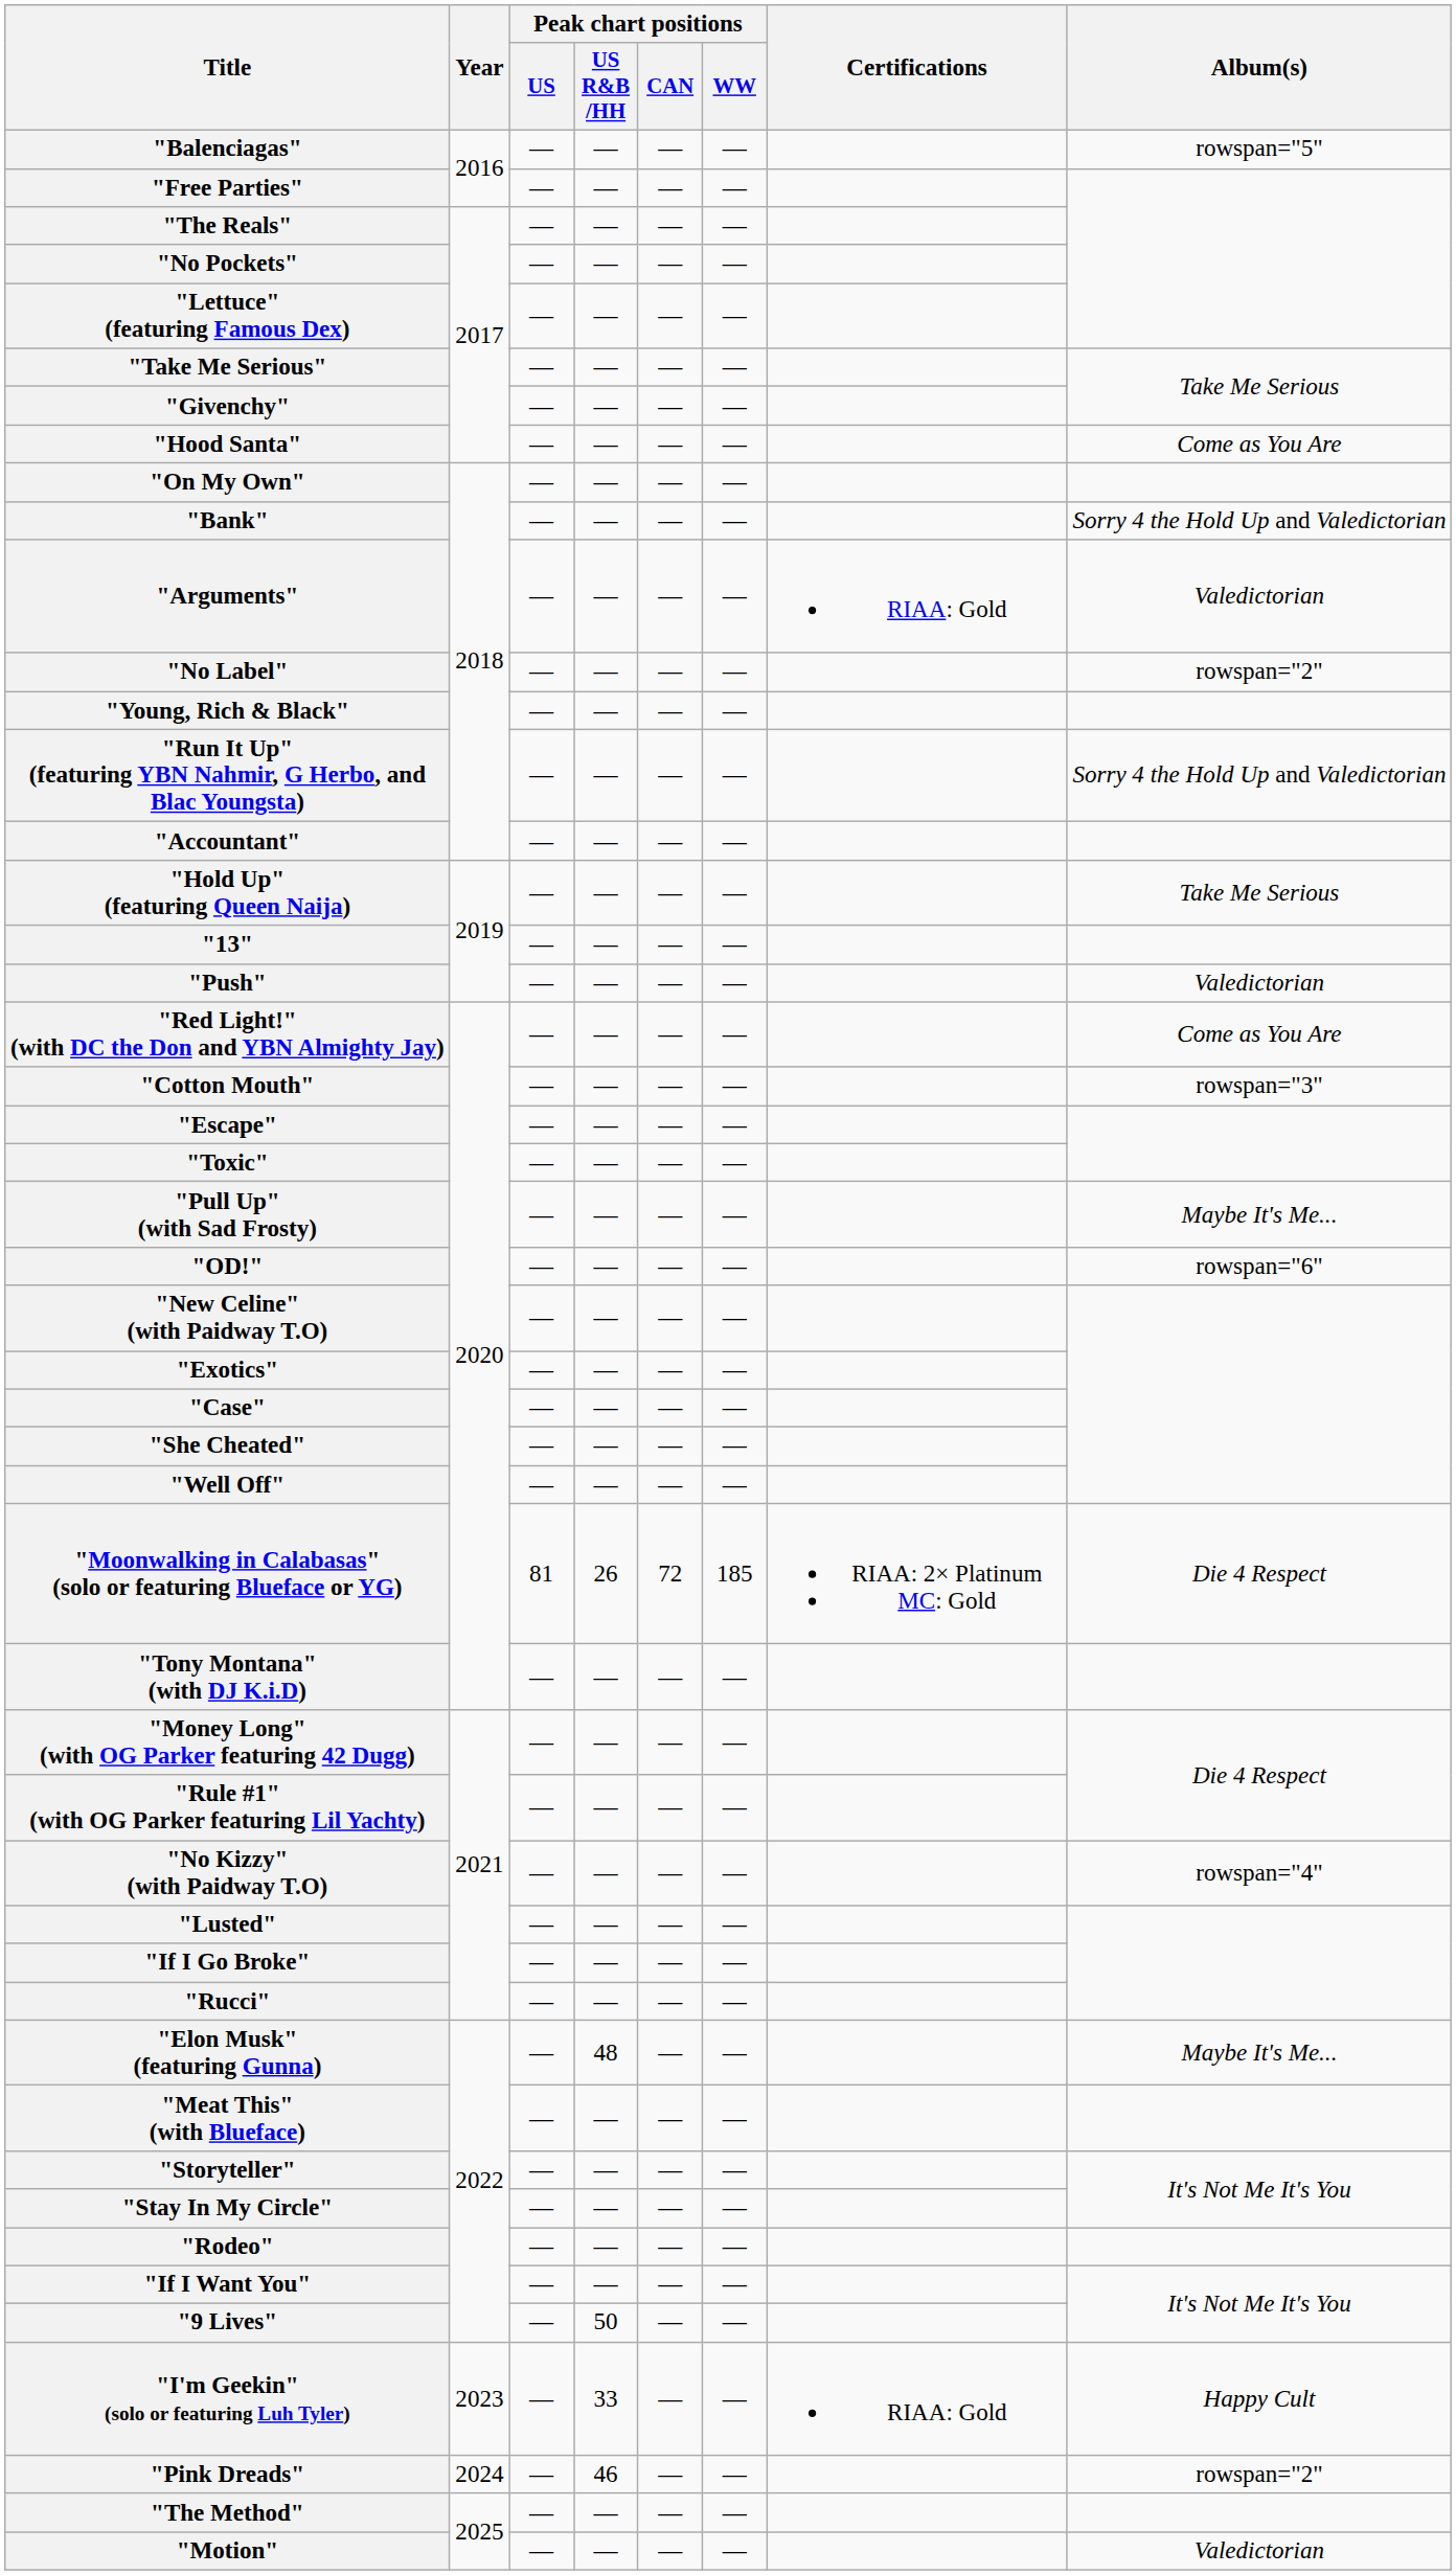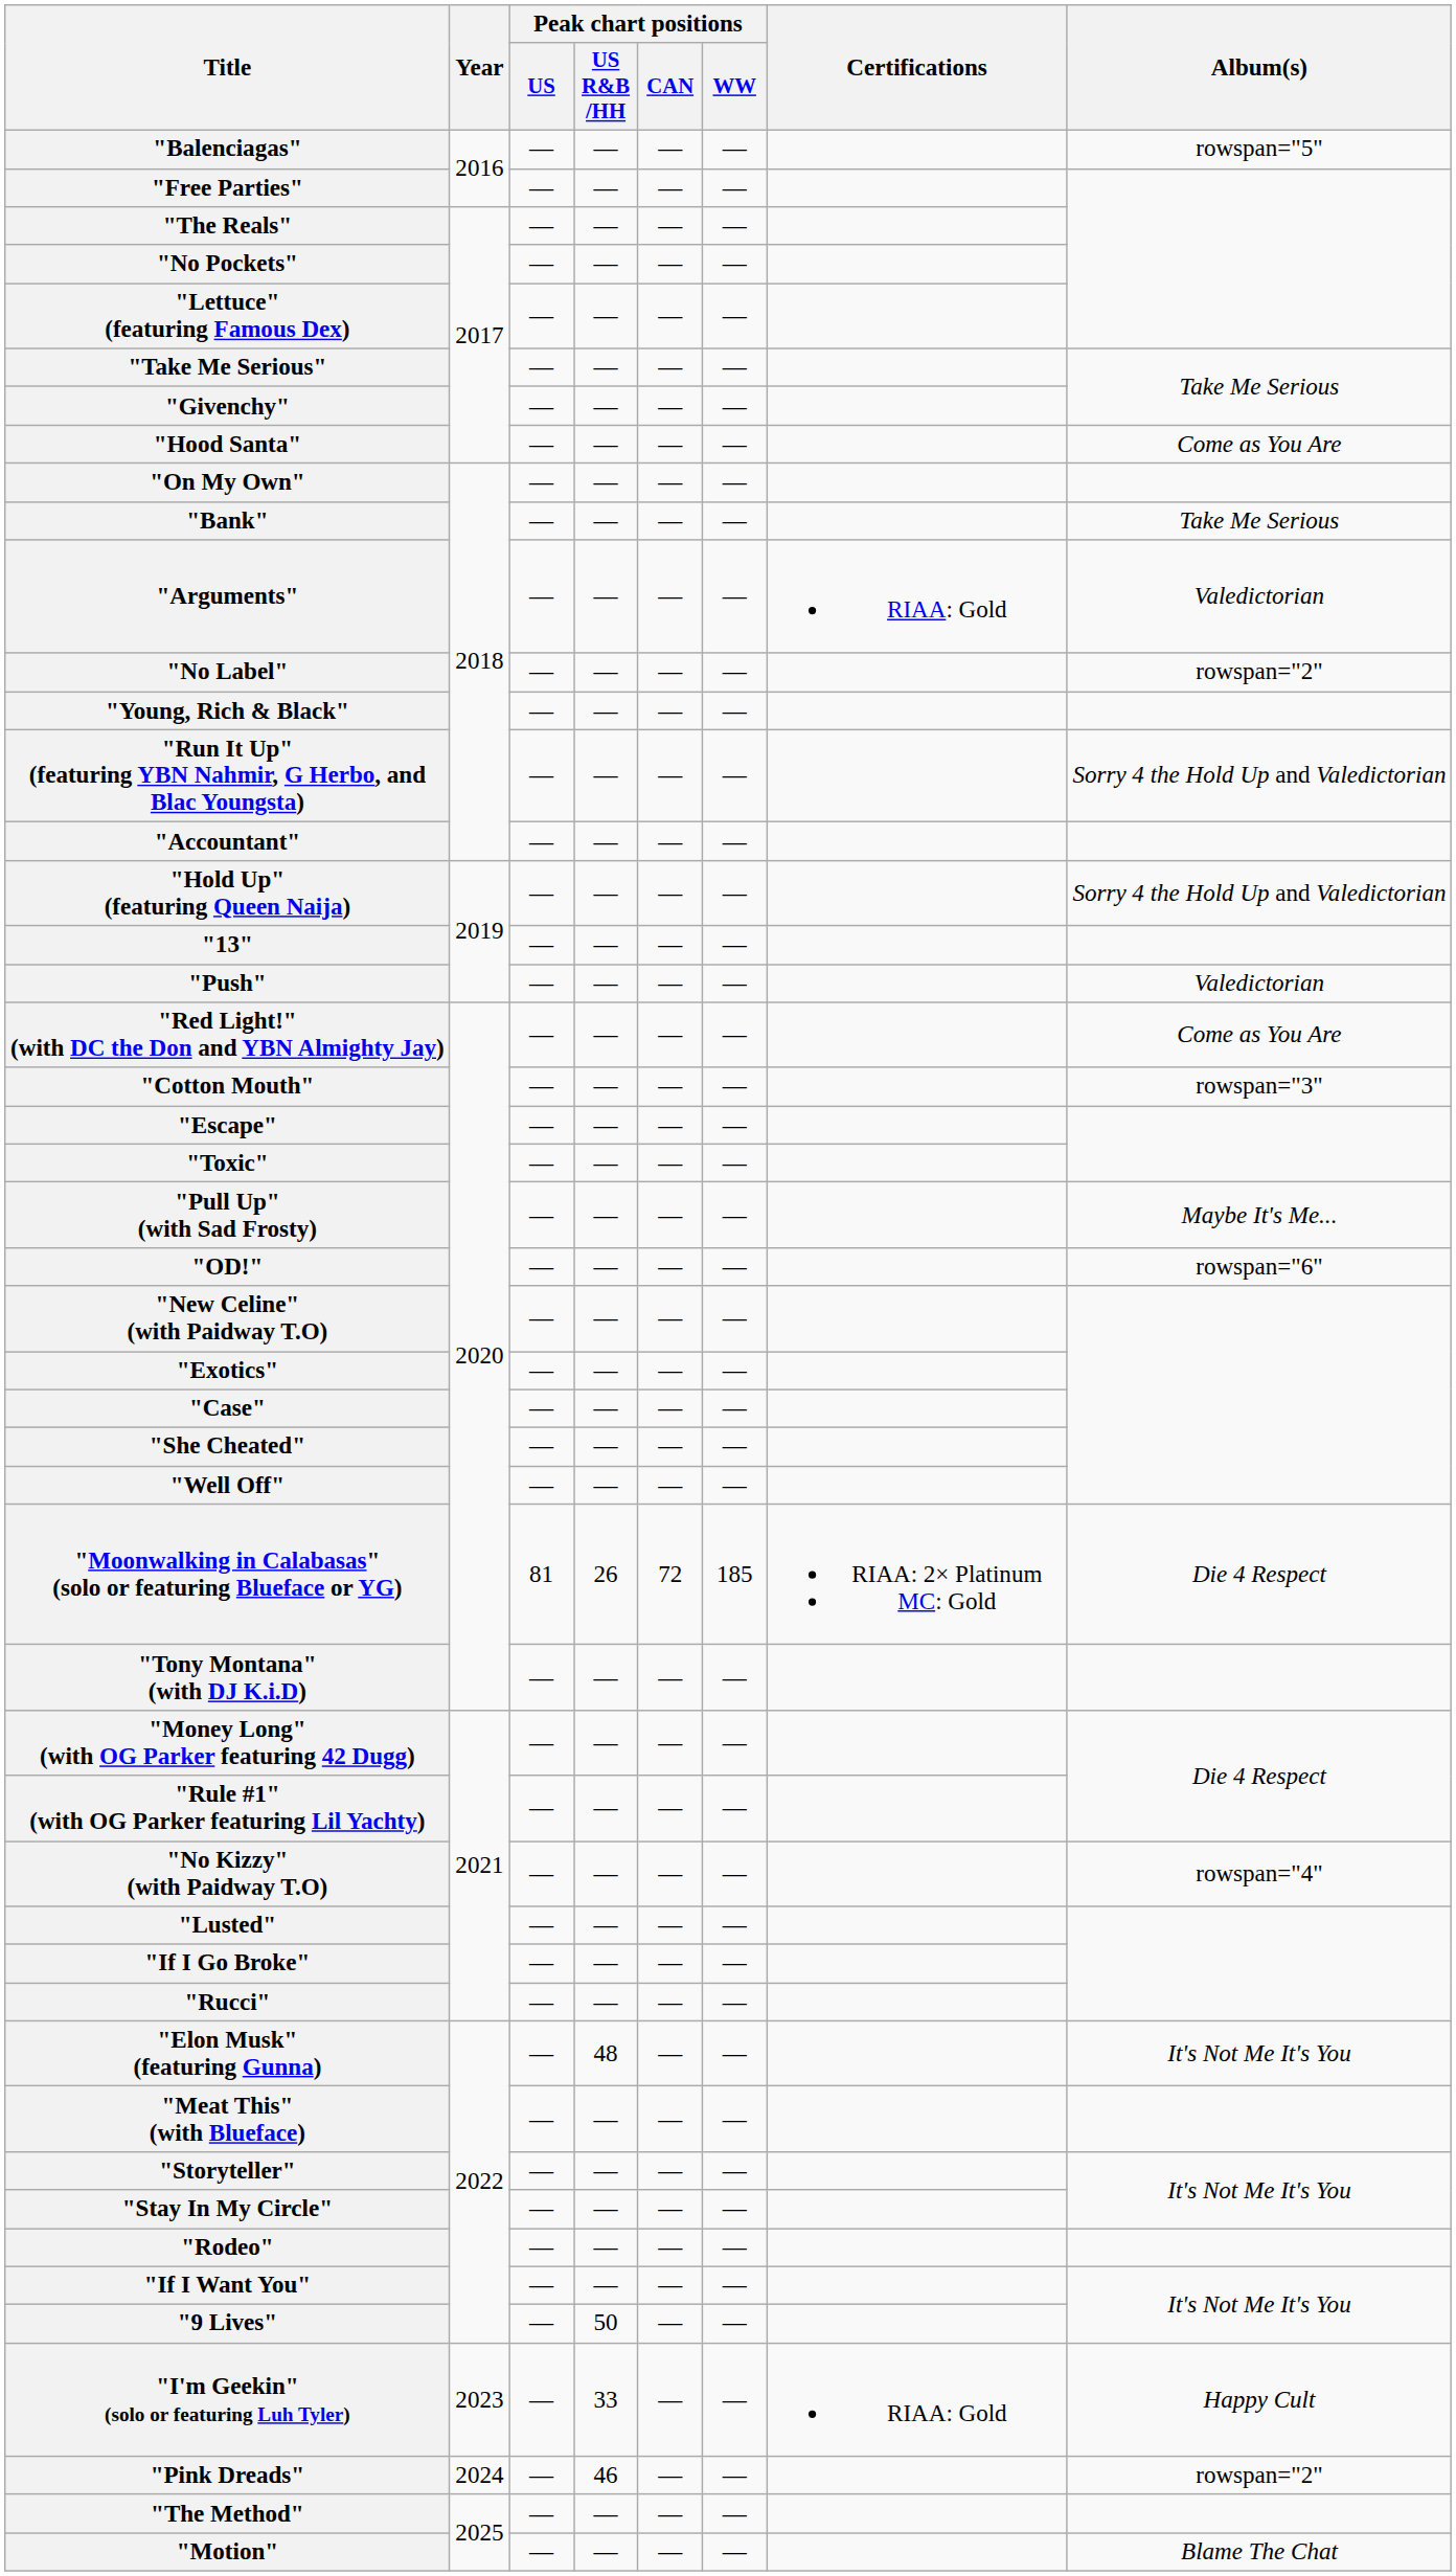 <table class="wikitable plainrowheaders" style="text-align:center;">
 <tr>
 <th scope="col" rowspan="2" style="width:18em;">Title</th>
 <th scope="col" rowspan="2" style="width:1em;">Year</th>
 <th scope="col" colspan="4">Peak chart positions</th>
 <th scope="col" rowspan="2" style="width:12em;">Certifications</th>
 <th scope="col" rowspan="2">Album(s)</th>
 </tr>
 <tr>
 <th scope="col" style="width:2.5em;font-size:90%;"><a href='#'>US</a><br></th>
 <th scope="col" style="width:2.5em;font-size:90%;"><a href='#'>US R&B /HH</a><br></th>
 <th scope="col" style="width:2.5em;font-size:90%;"><a href='#'>CAN</a><br></th>
 <th scope="col" style="width:2.5em;font-size:90%;"><a href='#'>WW</a><br></th>
 </tr>
 <tr>
 <th scope="row">"Balenciagas"</th>
 <td rowspan="2">2016</td>
 <td>—</td>
 <td>—</td>
 <td>—</td>
 <td>—</td>
 <td></td>
 <td>rowspan="5" </td>
 </tr>
 <tr>
 <th scope="row">"Free Parties"</th>
 <td>—</td>
 <td>—</td>
 <td>—</td>
 <td>—</td>
 <td></td>
 </tr>
 <tr>
 <th scope="row">"The Reals"</th>
 <td rowspan="6">2017</td>
 <td>—</td>
 <td>—</td>
 <td>—</td>
 <td>—</td>
 <td></td>
 </tr>
 <tr>
 <th scope="row">"No Pockets"</th>
 <td>—</td>
 <td>—</td>
 <td>—</td>
 <td>—</td>
 <td></td>
 </tr>
 <tr>
 <th scope="row">"Lettuce"<br><span>(featuring <a href='#'>Famous Dex</a>)</span></th>
 <td>—</td>
 <td>—</td>
 <td>—</td>
 <td>—</td>
 <td></td>
 </tr>
 <tr>
 <th scope="row">"Take Me Serious"</th>
 <td>—</td>
 <td>—</td>
 <td>—</td>
 <td>—</td>
 <td></td>
 <td rowspan="2"><em>Take Me Serious</em></td>
 </tr>
 <tr>
 <th scope="row">"Givenchy"</th>
 <td>—</td>
 <td>—</td>
 <td>—</td>
 <td>—</td>
 <td></td>
 </tr>
 <tr>
 <th scope="row">"Hood Santa"</th>
 <td>—</td>
 <td>—</td>
 <td>—</td>
 <td>—</td>
 <td></td>
 <td><em>Come as You Are</em></td>
 </tr>
 <tr>
 <th scope="row">"On My Own"</th>
 <td rowspan="7">2018</td>
 <td>—</td>
 <td>—</td>
 <td>—</td>
 <td>—</td>
 <td></td>
 </tr>
 <tr>
 <th scope="row">"Bank"</th>
 <td>—</td>
 <td>—</td>
 <td>—</td>
 <td>—</td>
 <td></td>
-<td><em>Sorry 4 the Hold Up</em> and <em>Valedictorian</em></td>
+<td><em>Take Me Serious</em></td>
 </tr>
 <tr>
 <th scope="row">"Arguments"</th>
 <td>—</td>
 <td>—</td>
 <td>—</td>
 <td>—</td>
 <td><br><ul><li><a href='#'>RIAA</a>: Gold</li></ul></td>
 <td><em>Valedictorian</em></td>
 </tr>
 <tr>
 <th scope="row">"No Label"</th>
 <td>—</td>
 <td>—</td>
 <td>—</td>
 <td>—</td>
 <td></td>
 <td>rowspan="2" </td>
 </tr>
 <tr>
 <th scope="row">"Young, Rich & Black"</th>
 <td>—</td>
 <td>—</td>
 <td>—</td>
 <td>—</td>
 <td></td>
 </tr>
 <tr>
 <th scope="row">"Run It Up"<br><span>(featuring <a href='#'>YBN Nahmir</a>, <a href='#'>G Herbo</a>, and <a href='#'>Blac Youngsta</a>)</span></th>
 <td>—</td>
 <td>—</td>
 <td>—</td>
 <td>—</td>
 <td></td>
 <td><em>Sorry 4 the Hold Up</em> and <em>Valedictorian</em></td>
 </tr>
 <tr>
 <th scope="row">"Accountant"</th>
 <td>—</td>
 <td>—</td>
 <td>—</td>
 <td>—</td>
 <td></td>
 <td></td>
 </tr>
 <tr>
 <th scope="row">"Hold Up"<br><span>(featuring <a href='#'>Queen Naija</a>)</span></th>
 <td rowspan="3">2019</td>
 <td>—</td>
 <td>—</td>
 <td>—</td>
 <td>—</td>
 <td></td>
-<td><em>Take Me Serious</em></td>
+<td><em>Sorry 4 the Hold Up</em> and <em>Valedictorian</em></td>
 </tr>
 <tr>
 <th scope="row">"13"</th>
 <td>—</td>
 <td>—</td>
 <td>—</td>
 <td>—</td>
 <td></td>
 <td></td>
 </tr>
 <tr>
 <th scope="row">"Push"</th>
 <td>—</td>
 <td>—</td>
 <td>—</td>
 <td>—</td>
 <td></td>
 <td><em>Valedictorian</em></td>
 </tr>
 <tr>
 <th scope= "row">"Red Light!"<br><span>(with <a href='#'>DC the Don</a> and <a href='#'>YBN Almighty Jay</a>)</span></th>
 <td rowspan="13">2020</td>
 <td>—</td>
 <td>—</td>
 <td>—</td>
 <td>—</td>
 <td></td>
 <td><em>Come as You Are</em></td>
 </tr>
 <tr>
 <th scope= "row">"Cotton Mouth"</th>
 <td>—</td>
 <td>—</td>
 <td>—</td>
 <td>—</td>
 <td></td>
 <td>rowspan="3" </td>
 </tr>
 <tr>
 <th scope="row">"Escape"</th>
 <td>—</td>
 <td>—</td>
 <td>—</td>
 <td>—</td>
 <td></td>
 </tr>
 <tr>
 <th scope="row">"Toxic"</th>
 <td>—</td>
 <td>—</td>
 <td>—</td>
 <td>—</td>
 <td></td>
 </tr>
 <tr>
 <th scope="row">"Pull Up"<br><span>(with Sad Frosty)</span></th>
 <td>—</td>
 <td>—</td>
 <td>—</td>
 <td>—</td>
 <td></td>
 <td><em>Maybe It's Me...</em></td>
 </tr>
 <tr>
 <th scope="row">"OD!"</th>
 <td>—</td>
 <td>—</td>
 <td>—</td>
 <td>—</td>
 <td></td>
 <td>rowspan="6" </td>
 </tr>
 <tr>
 <th scope="row">"New Celine"<br><span>(with Paidway T.O)</span></th>
 <td>—</td>
 <td>—</td>
 <td>—</td>
 <td>—</td>
 <td></td>
 </tr>
 <tr>
 <th scope="row">"Exotics"</th>
 <td>—</td>
 <td>—</td>
 <td>—</td>
 <td>—</td>
 <td></td>
 </tr>
 <tr>
 <th scope="row">"Case"</th>
 <td>—</td>
 <td>—</td>
 <td>—</td>
 <td>—</td>
 <td></td>
 </tr>
 <tr>
 <th scope="row">"She Cheated"</th>
 <td>—</td>
 <td>—</td>
 <td>—</td>
 <td>—</td>
 <td></td>
 </tr>
 <tr>
 <th scope="row">"Well Off"</th>
 <td>—</td>
 <td>—</td>
 <td>—</td>
 <td>—</td>
 <td></td>
 </tr>
 <tr>
 <th scope="row">"<a href='#'>Moonwalking in Calabasas</a>"<br><span>(solo or featuring <a href='#'>Blueface</a> or <a href='#'>YG</a>)</span></th>
 <td>81</td>
 <td>26</td>
 <td>72</td>
 <td>185</td>
 <td><br><ul><li>RIAA: 2× Platinum</li><li><a href='#'>MC</a>: Gold</li></ul></td>
 <td><em>Die 4 Respect</em></td>
 </tr>
 <tr>
 <th scope="row">"Tony Montana"<br><span>(with <a href='#'>DJ K.i.D</a>)</span></th>
 <td>—</td>
 <td>—</td>
 <td>—</td>
 <td>—</td>
 <td></td>
 <td></td>
 </tr>
 <tr>
 <th scope="row">"Money Long"<br><span>(with <a href='#'>OG Parker</a> featuring <a href='#'>42 Dugg</a>)</span></th>
 <td rowspan="6">2021</td>
 <td>—</td>
 <td>—</td>
 <td>—</td>
 <td>—</td>
 <td></td>
 <td rowspan="2"><em>Die 4 Respect</em></td>
 </tr>
 <tr>
 <th scope="Row">"Rule #1"<br><span>(with OG Parker featuring <a href='#'>Lil Yachty</a>)</span></th>
 <td>—</td>
 <td>—</td>
 <td>—</td>
 <td>—</td>
 <td></td>
 </tr>
 <tr>
 <th scope="row">"No Kizzy"<br><span>(with Paidway T.O)</span></th>
 <td>—</td>
 <td>—</td>
 <td>—</td>
 <td>—</td>
 <td></td>
 <td>rowspan="4" </td>
 </tr>
 <tr>
 <th scope="row">"Lusted"</th>
 <td>—</td>
 <td>—</td>
 <td>—</td>
 <td>—</td>
 <td></td>
 </tr>
 <tr>
 <th scope="row">"If I Go Broke"</th>
 <td>—</td>
 <td>—</td>
 <td>—</td>
 <td>—</td>
 <td></td>
 </tr>
 <tr>
 <th Scope="row">"Rucci"</th>
 <td>—</td>
 <td>—</td>
 <td>—</td>
 <td>—</td>
 <td></td>
 </tr>
 <tr>
 <th scope="row">"Elon Musk"<br><span>(featuring <a href='#'>Gunna</a>)</span></th>
 <td rowspan="7">2022</td>
 <td>—</td>
 <td>48</td>
 <td>—</td>
 <td>—</td>
 <td></td>
-<td><em>Maybe It's Me...</em></td>
+<td><em>It's Not Me It's You</em></td>
 </tr>
 <tr>
 <th scope="row">"Meat This"<br><span>(with <a href='#'>Blueface</a>)</span></th>
 <td>—</td>
 <td>—</td>
 <td>—</td>
 <td>—</td>
 <td></td>
 <td></td>
 </tr>
 <tr>
 <th scope="row">"Storyteller"</th>
 <td>—</td>
 <td>—</td>
 <td>—</td>
 <td>—</td>
 <td></td>
 <td rowspan="2"><em>It's Not Me It's You</em></td>
 </tr>
 <tr>
 <th scope="row">"Stay In My Circle"</th>
 <td>—</td>
 <td>—</td>
 <td>—</td>
 <td>—</td>
 <td></td>
 </tr>
 <tr>
 <th scope="row">"Rodeo"</th>
 <td>—</td>
 <td>—</td>
 <td>—</td>
 <td>—</td>
 <td></td>
 <td></td>
 </tr>
 <tr>
 <th scope="row">"If I Want You"</th>
 <td>—</td>
 <td>—</td>
 <td>—</td>
 <td>—</td>
 <td></td>
 <td rowspan="2"><em>It's Not Me It's You</em></td>
 </tr>
 <tr>
 <th scope="row">"9 Lives"<br></th>
 <td>—</td>
 <td>50</td>
 <td>—</td>
 <td>—</td>
 <td></td>
 </tr>
 <tr>
 <th scope="row">"I'm Geekin"<br><small>(solo or featuring <a href='#'>Luh Tyler</a>)</small></th>
 <td>2023</td>
 <td>—</td>
 <td>33</td>
 <td>—</td>
 <td>—</td>
 <td><br><ul><li>RIAA: Gold</li></ul></td>
 <td><em>Happy Cult</em></td>
 </tr>
 <tr>
 <th scope="row">"Pink Dreads"<br></th>
 <td>2024</td>
 <td>—</td>
 <td>46</td>
 <td>—</td>
 <td>—</td>
 <td></td>
 <td>rowspan="2" </td>
 </tr>
 <tr>
 <th scope="row">"The Method"</th>
 <td rowspan="2">2025</td>
 <td>—</td>
 <td>—</td>
 <td>—</td>
 <td>—</td>
 <td></td>
 </tr>
 <tr>
 <th scope="row">"Motion"<br></th>
 <td>—</td>
 <td>—</td>
 <td>—</td>
 <td>—</td>
 <td></td>
-<td><em>Valedictorian</em></td>
+<td><em>Blame The Chat</em></td>
 </tr>
 </table>
